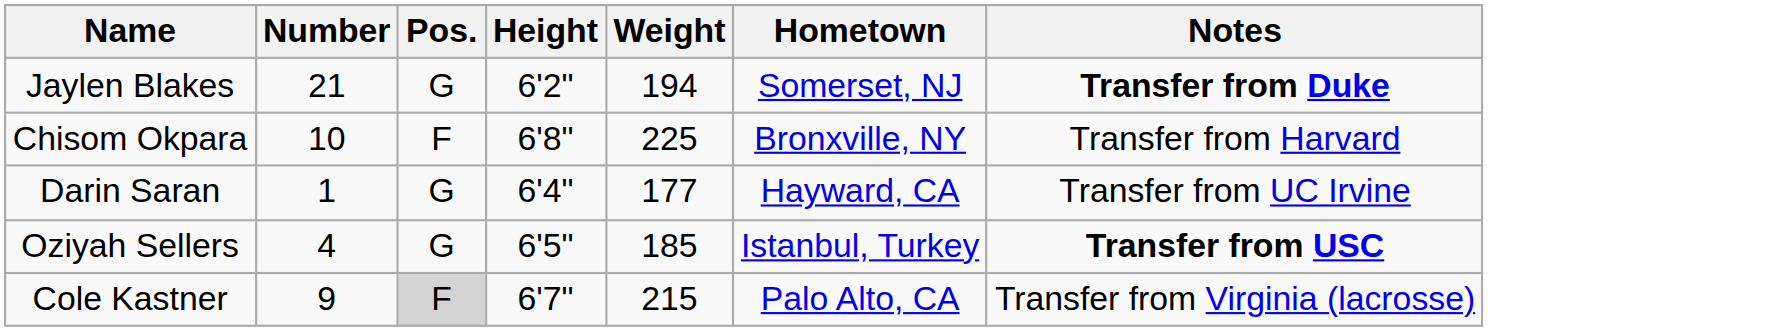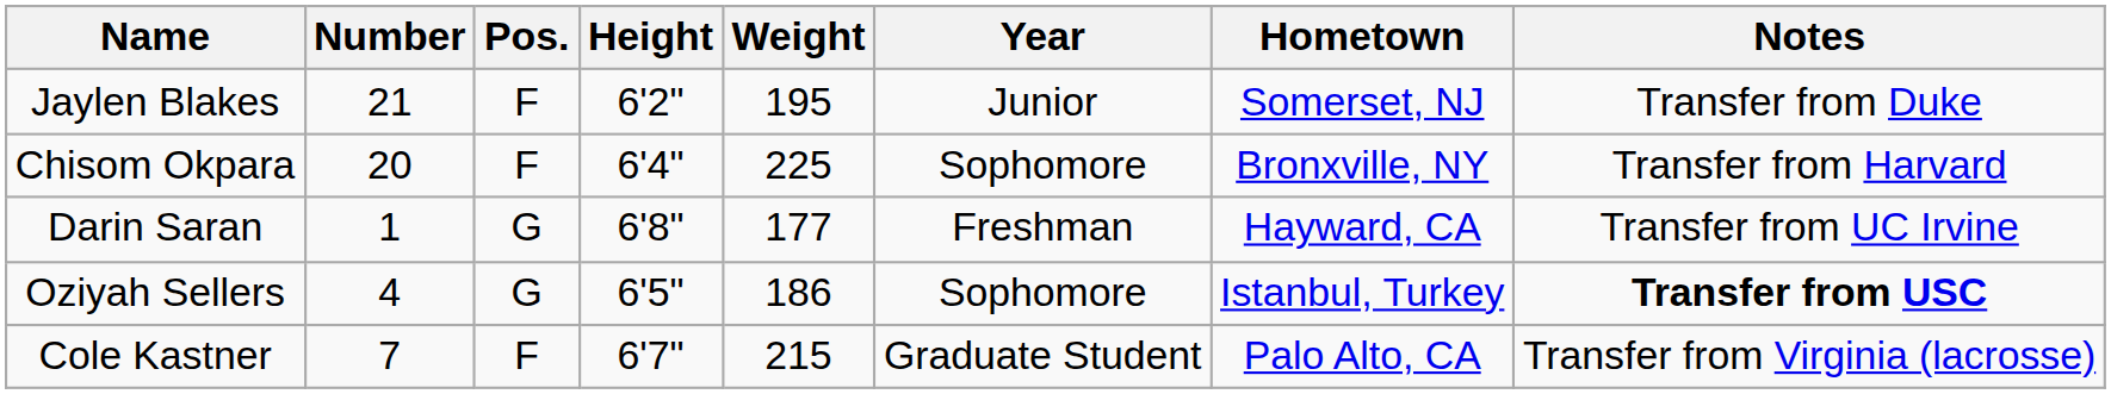 <table class="wikitable sortable" style="text-align: center">
 <tr align=center>
 <th>Name</th>
 <th>Number</th>
 <th>Pos.</th>
 <th>Height</th>
 <th>Weight</th>
+<th>Year</th>
 <th>Hometown</th>
 <th>Notes</th>
 </tr>
 <tr>
 <td>Jaylen Blakes</td>
 <td>21</td>
-<td>G</td>
+<td>F</td>
 <td>6'2"</td>
-<td>194</td>
+<td>195</td>
+<td>Junior</td>
 <td><a href='#'>Somerset, NJ</a></td>
-<td><strong>Transfer from <a href='#'>Duke</a></strong></td>
+<td>Transfer from <a href='#'>Duke</a></td>
 </tr>
 <tr>
 <td>Chisom Okpara</td>
-<td>10</td>
+<td>20</td>
 <td>F</td>
-<td>6'8"</td>
+<td>6'4"</td>
 <td>225</td>
+<td>Sophomore</td>
 <td><a href='#'>Bronxville, NY</a></td>
 <td>Transfer from <a href='#'>Harvard</a></td>
 </tr>
 <tr>
 <td>Darin Saran</td>
 <td>1</td>
 <td>G</td>
-<td>6'4"</td>
+<td>6'8"</td>
 <td>177</td>
+<td>Freshman</td>
 <td><a href='#'>Hayward, CA</a></td>
 <td>Transfer from <a href='#'>UC Irvine</a></td>
 </tr>
 <tr>
 <td>Oziyah Sellers</td>
 <td>4</td>
 <td>G</td>
 <td>6'5"</td>
-<td>185</td>
+<td>186</td>
+<td>Sophomore</td>
 <td><a href='#'>Istanbul, Turkey</a></td>
 <td><strong>Transfer from <a href='#'>USC</a></strong></td>
 </tr>
 <tr>
 <td>Cole Kastner</td>
-<td>9</td>
-<td style="background: lightgrey;">F</td>
+<td>7</td>
+<td>F</td>
 <td>6'7"</td>
 <td>215</td>
+<td>Graduate Student</td>
 <td><a href='#'>Palo Alto, CA</a></td>
 <td>Transfer from <a href='#'>Virginia (lacrosse)</a></td>
 </tr>
 </table>
